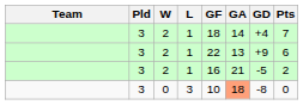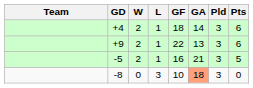 <table class="wikitable" style="text-align:center;">
 <tr>
 <th width=160>Team</th>
-<th width=25>Pld</th>
+<th width=25>GD</th>
 <th width=25>W</th>
 <th width=25>L</th>
 <th width=25>GF</th>
 <th width=25>GA</th>
-<th width=25>GD</th>
+<th width=25>Pld</th>
 <th width=25>Pts</th>
 </tr>
 <tr style="background:#ccffcc;">
 <td align=left></td>
-<td>3</td>
+<td>+4</td>
 <td>2</td>
 <td>1</td>
 <td>18</td>
 <td>14</td>
-<td>+4</td>
-<td>7</td>
+<td>3</td>
+<td>6</td>
 </tr>
 <tr style="background:#ccffcc;">
 <td align=left></td>
-<td>3</td>
+<td>+9</td>
 <td>2</td>
 <td>1</td>
 <td>22</td>
 <td>13</td>
-<td>+9</td>
+<td>3</td>
 <td>6</td>
 </tr>
 <tr style="background:#ccffcc;">
 <td align=left></td>
-<td>3</td>
+<td>-5</td>
 <td>2</td>
 <td>1</td>
 <td>16</td>
 <td>21</td>
-<td>-5</td>
-<td>2</td>
+<td>3</td>
+<td>5</td>
 </tr>
 <tr>
 <td align=left></td>
-<td>3</td>
+<td>-8</td>
 <td>0</td>
 <td>3</td>
 <td>10</td>
 <td style="background: lightsalmon;">18</td>
-<td>-8</td>
+<td>3</td>
 <td>0</td>
 </tr>
 </table>
